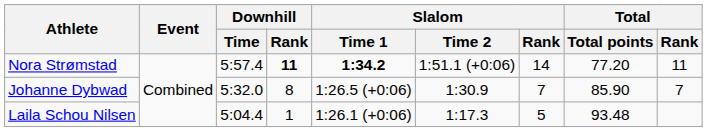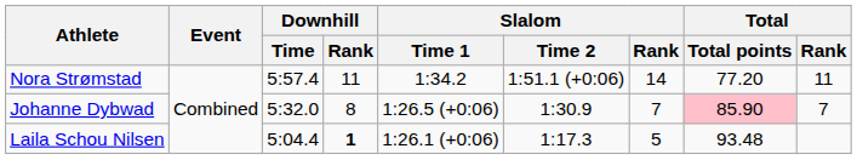 <table class="wikitable" style="font-size:90%">
 <tr>
 <th rowspan="2">Athlete</th>
 <th rowspan="2">Event</th>
 <th colspan="2">Downhill</th>
 <th colspan="3">Slalom</th>
 <th colspan="2">Total</th>
 </tr>
 <tr>
 <th>Time</th>
 <th>Rank</th>
 <th>Time 1</th>
 <th>Time 2</th>
 <th>Rank</th>
 <th>Total points</th>
 <th>Rank</th>
 </tr>
 <tr>
 <td><a href='#'>Nora Strømstad</a></td>
 <td rowspan="3">Combined</td>
 <td align="center">5:57.4</td>
-<td align="center"><strong>11</strong></td>
-<td align="center"><strong>1:34.2</strong></td>
+<td align="center">11</td>
+<td align="center">1:34.2</td>
 <td align="center">1:51.1 (+0:06)</td>
 <td align="center">14</td>
 <td align="center">77.20</td>
 <td align="center">11</td>
 </tr>
 <tr>
 <td><a href='#'>Johanne Dybwad</a></td>
 <td align="center">5:32.0</td>
 <td align="center">8</td>
 <td align="center">1:26.5 (+0:06)</td>
 <td align="center">1:30.9</td>
 <td align="center">7</td>
-<td align="center">85.90</td>
+<td align="center" style="background: pink;">85.90</td>
 <td align="center">7</td>
 </tr>
 <tr>
 <td><a href='#'>Laila Schou Nilsen</a></td>
 <td align="center">5:04.4</td>
-<td align="center">1</td>
+<td align="center"><strong>1</strong></td>
 <td align="center">1:26.1 (+0:06)</td>
 <td align="center">1:17.3</td>
 <td align="center">5</td>
 <td align="center">93.48</td>
 <td align="center"></td>
 </tr>
 </table>
